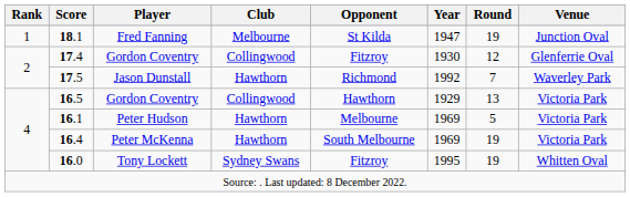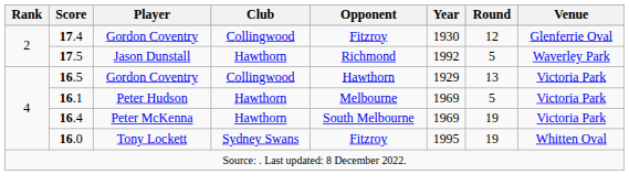 <table class="wikitable sortable" style="text-align:center; width:60%;">
 <tr style="background:#87ce">
 <th>Rank</th>
 <th>Score</th>
 <th>Player</th>
 <th>Club</th>
 <th>Opponent</th>
 <th>Year</th>
 <th>Round</th>
 <th>Venue</th>
-</tr>
-<tr>
-<td>1</td>
-<td><strong>18</strong>.1</td>
-<td><a href='#'>Fred Fanning</a></td>
-<td><a href='#'>Melbourne</a></td>
-<td><a href='#'>St Kilda</a></td>
-<td>1947</td>
-<td>19</td>
-<td><a href='#'>Junction Oval</a></td>
 </tr>
 <tr>
 <td rowspan=2>2</td>
 <td><strong>17</strong>.4</td>
 <td><a href='#'>Gordon Coventry</a></td>
 <td><a href='#'>Collingwood</a></td>
 <td><a href='#'>Fitzroy</a></td>
 <td>1930</td>
 <td>12</td>
 <td><a href='#'>Glenferrie Oval</a></td>
 </tr>
 <tr>
 <td><strong>17</strong>.5</td>
 <td><a href='#'>Jason Dunstall</a></td>
 <td><a href='#'>Hawthorn</a></td>
 <td><a href='#'>Richmond</a></td>
 <td>1992</td>
-<td>7</td>
+<td>5</td>
 <td><a href='#'>Waverley Park</a></td>
 </tr>
 <tr>
 <td rowspan=4>4</td>
 <td><strong>16</strong>.5</td>
 <td><a href='#'>Gordon Coventry</a></td>
 <td><a href='#'>Collingwood</a></td>
 <td><a href='#'>Hawthorn</a></td>
 <td>1929</td>
 <td>13</td>
 <td><a href='#'>Victoria Park</a></td>
 </tr>
 <tr>
 <td><strong>16</strong>.1</td>
 <td><a href='#'>Peter Hudson</a></td>
 <td><a href='#'>Hawthorn</a></td>
 <td><a href='#'>Melbourne</a></td>
 <td>1969</td>
 <td>5</td>
 <td><a href='#'>Victoria Park</a></td>
 </tr>
 <tr>
 <td><strong>16</strong>.4</td>
 <td><a href='#'>Peter McKenna</a></td>
 <td><a href='#'>Hawthorn</a></td>
 <td><a href='#'>South Melbourne</a></td>
 <td>1969</td>
 <td>19</td>
 <td><a href='#'>Victoria Park</a></td>
 </tr>
 <tr>
 <td><strong>16</strong>.0</td>
 <td><a href='#'>Tony Lockett</a></td>
 <td><a href='#'>Sydney Swans</a></td>
 <td><a href='#'>Fitzroy</a></td>
 <td>1995</td>
 <td>19</td>
 <td><a href='#'>Whitten Oval</a></td>
 </tr>
 <tr>
 <td colspan=8><small>Source:  </small><small>. Last updated: 8 December 2022.</small></td>
 </tr>
 </table>
